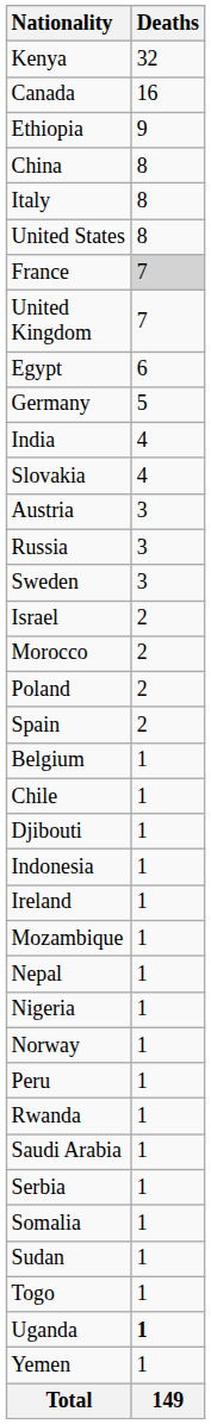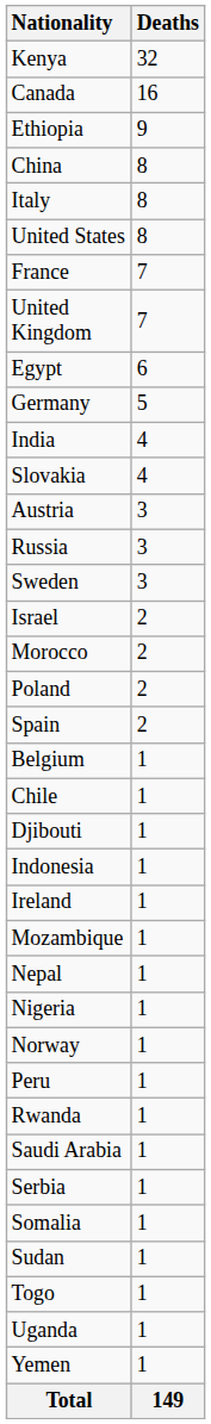 <table class="wikitable sortable floatright" style="font-size:83%; margin:0 0 1.5em 1.5em; width:20%">
 <tr>
 <th style="text-align:left;">Nationality</th>
 <th>Deaths</th>
 </tr>
 <tr>
 <td>Kenya</td>
 <td>32</td>
 </tr>
 <tr>
 <td>Canada</td>
 <td>16</td>
 </tr>
 <tr>
 <td>Ethiopia</td>
 <td>9</td>
 </tr>
 <tr>
 <td>China</td>
 <td>8</td>
 </tr>
 <tr>
 <td>Italy</td>
 <td>8</td>
 </tr>
 <tr>
 <td>United States</td>
 <td>8</td>
 </tr>
 <tr>
 <td>France</td>
-<td style="background: lightgrey;">7</td>
+<td>7</td>
 </tr>
 <tr>
 <td>United Kingdom</td>
 <td>7</td>
 </tr>
 <tr>
 <td>Egypt</td>
 <td>6</td>
 </tr>
 <tr>
 <td>Germany</td>
 <td>5</td>
 </tr>
 <tr>
 <td>India</td>
 <td>4</td>
 </tr>
 <tr>
 <td>Slovakia</td>
 <td>4</td>
 </tr>
 <tr>
 <td>Austria</td>
 <td>3</td>
 </tr>
 <tr>
 <td>Russia</td>
 <td>3</td>
 </tr>
 <tr>
 <td>Sweden</td>
 <td>3</td>
 </tr>
 <tr>
 <td>Israel</td>
 <td>2</td>
 </tr>
 <tr>
 <td>Morocco</td>
 <td>2</td>
 </tr>
 <tr>
 <td>Poland</td>
 <td>2</td>
 </tr>
 <tr>
 <td>Spain</td>
 <td>2</td>
 </tr>
 <tr>
 <td>Belgium</td>
 <td>1</td>
 </tr>
 <tr>
 <td>Chile</td>
 <td>1</td>
 </tr>
 <tr>
 <td>Djibouti</td>
 <td>1</td>
 </tr>
 <tr>
 <td>Indonesia</td>
 <td>1</td>
 </tr>
 <tr>
 <td>Ireland</td>
 <td>1</td>
 </tr>
 <tr>
 <td>Mozambique</td>
 <td>1</td>
 </tr>
 <tr>
 <td>Nepal</td>
 <td>1</td>
 </tr>
 <tr>
 <td>Nigeria</td>
 <td>1</td>
 </tr>
 <tr>
 <td>Norway</td>
 <td>1</td>
 </tr>
 <tr>
 <td>Peru</td>
 <td>1</td>
 </tr>
 <tr>
 <td>Rwanda</td>
 <td>1</td>
 </tr>
 <tr>
 <td>Saudi Arabia</td>
 <td>1</td>
 </tr>
 <tr>
 <td>Serbia</td>
 <td>1</td>
 </tr>
 <tr>
 <td>Somalia</td>
 <td>1</td>
 </tr>
 <tr>
 <td>Sudan</td>
 <td>1</td>
 </tr>
 <tr>
 <td>Togo</td>
 <td>1</td>
 </tr>
 <tr>
 <td>Uganda</td>
-<td><strong>1</strong></td>
+<td>1</td>
 </tr>
 <tr>
 <td>Yemen</td>
 <td>1</td>
 </tr>
 <tr class="sortbottom">
 <th><strong>Total</strong></th>
 <th><strong>149</strong></th>
 </tr>
 </table>
